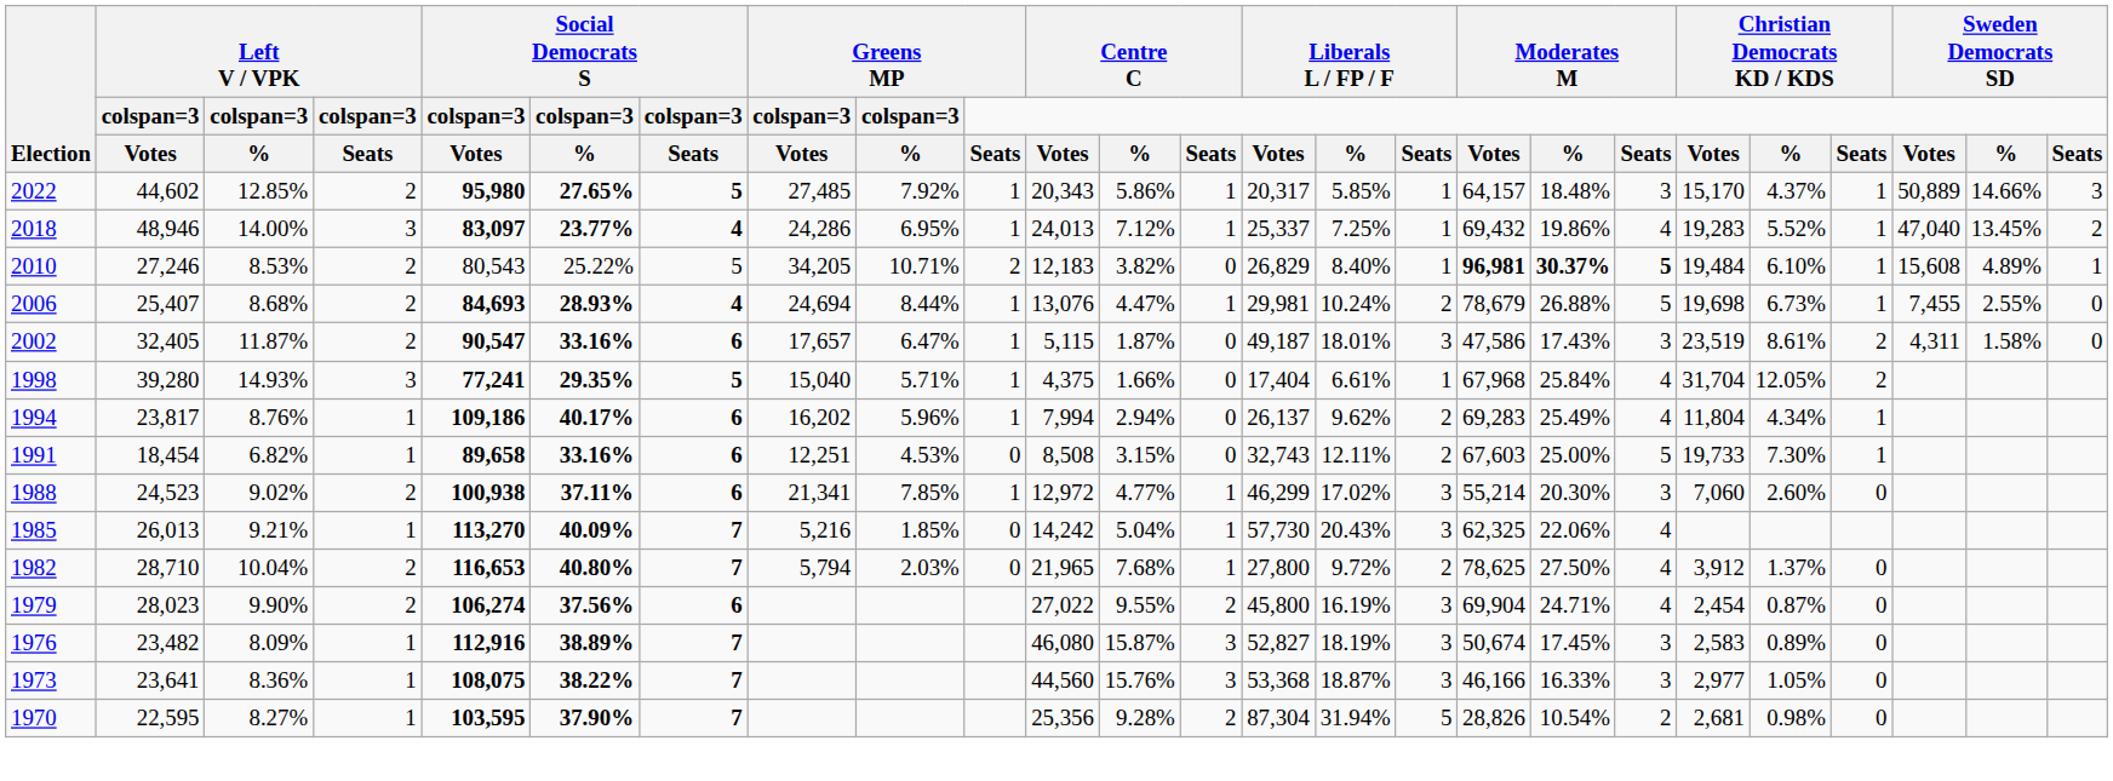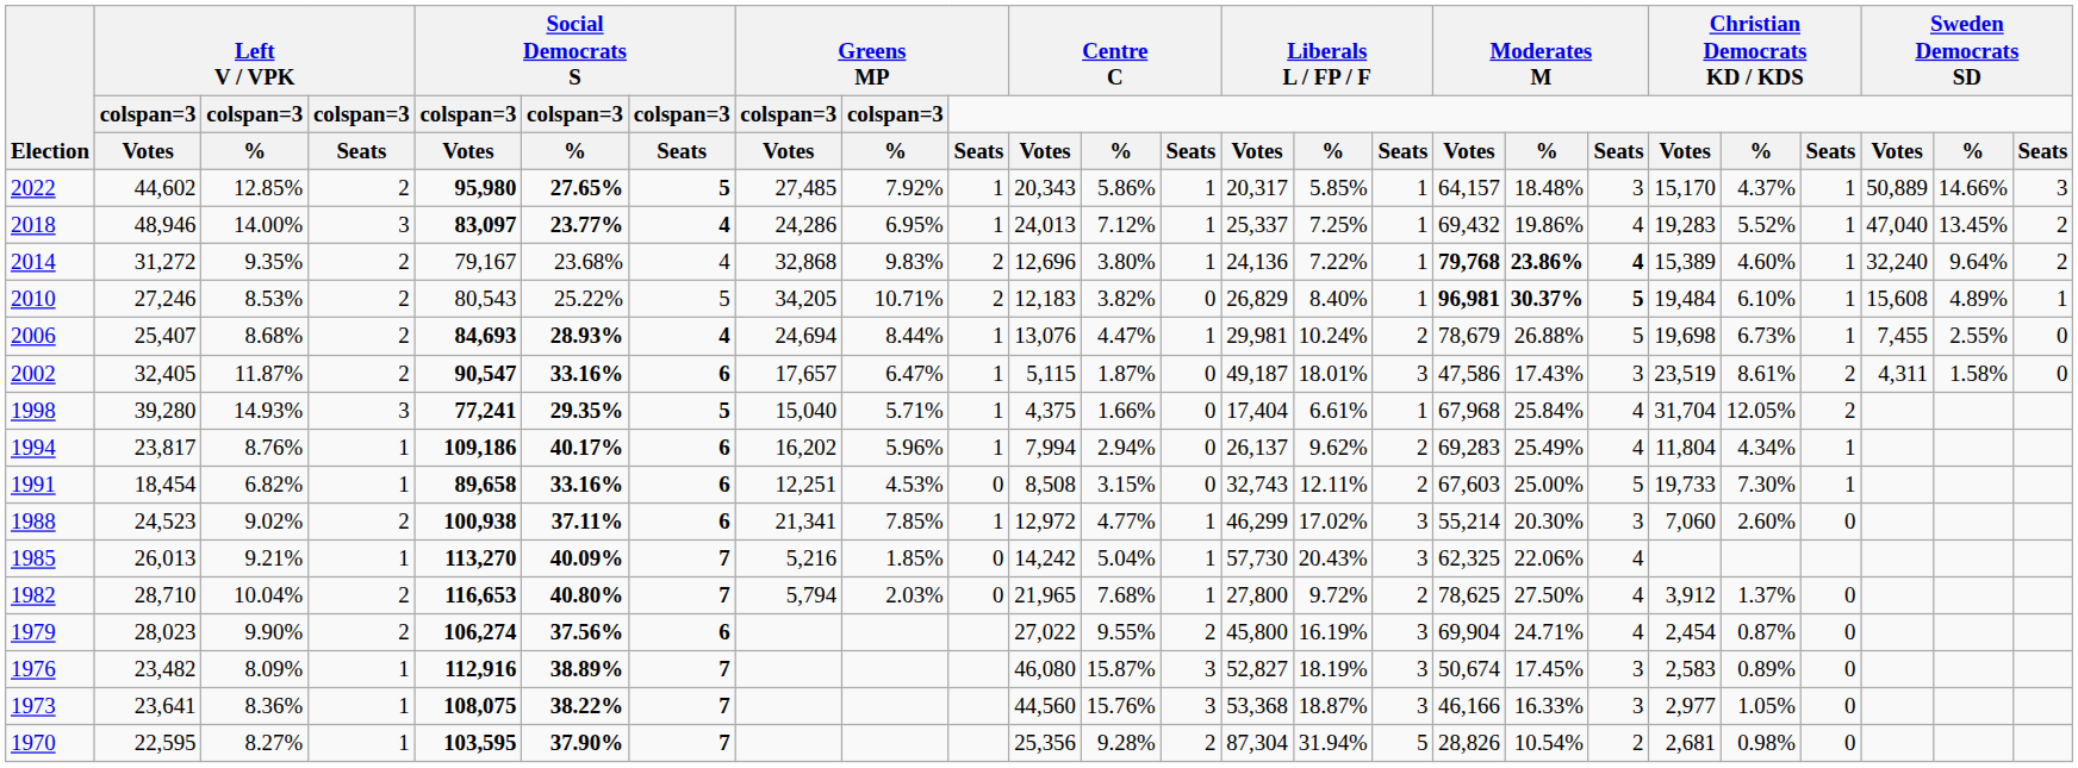 <table class="wikitable" border="1" style="font-size:95%; text-align:right;">
 <tr>
 <th style="text-align:left;" valign=bottom rowspan=3>Election</th>
 <th valign=bottom colspan=3><a href='#'>Left</a><br>V / VPK</th>
 <th valign=bottom colspan=3><a href='#'>Social<br>Democrats</a><br>S</th>
 <th valign=bottom colspan=3><a href='#'>Greens</a><br>MP</th>
 <th valign=bottom colspan=3><a href='#'>Centre</a><br>C</th>
 <th valign=bottom colspan=3><a href='#'>Liberals</a><br>L / FP / F</th>
 <th valign=bottom colspan=3><a href='#'>Moderates</a><br>M</th>
 <th valign=bottom colspan=3><a href='#'>Christian<br>Democrats</a><br>KD / KDS</th>
 <th valign=bottom colspan=3><a href='#'>Sweden<br>Democrats</a><br>SD</th>
 </tr>
 <tr>
 <th>colspan=3 </th>
 <th>colspan=3 </th>
 <th>colspan=3 </th>
 <th>colspan=3 </th>
 <th>colspan=3 </th>
 <th>colspan=3 </th>
 <th>colspan=3 </th>
 <th>colspan=3 </th>
 </tr>
 <tr>
 <th>Votes</th>
 <th>%</th>
 <th>Seats</th>
 <th>Votes</th>
 <th>%</th>
 <th>Seats</th>
 <th>Votes</th>
 <th>%</th>
 <th>Seats</th>
 <th>Votes</th>
 <th>%</th>
 <th>Seats</th>
 <th>Votes</th>
 <th>%</th>
 <th>Seats</th>
 <th>Votes</th>
 <th>%</th>
 <th>Seats</th>
 <th>Votes</th>
 <th>%</th>
 <th>Seats</th>
 <th>Votes</th>
 <th>%</th>
 <th>Seats</th>
 </tr>
 <tr>
 <td align=left><a href='#'>2022</a></td>
 <td>44,602</td>
 <td>12.85%</td>
 <td>2</td>
 <td><strong>95,980</strong></td>
 <td><strong>27.65%</strong></td>
 <td><strong>5</strong></td>
 <td>27,485</td>
 <td>7.92%</td>
 <td>1</td>
 <td>20,343</td>
 <td>5.86%</td>
 <td>1</td>
 <td>20,317</td>
 <td>5.85%</td>
 <td>1</td>
 <td>64,157</td>
 <td>18.48%</td>
 <td>3</td>
 <td>15,170</td>
 <td>4.37%</td>
 <td>1</td>
 <td>50,889</td>
 <td>14.66%</td>
 <td>3</td>
 </tr>
 <tr>
 <td align=left><a href='#'>2018</a></td>
 <td>48,946</td>
 <td>14.00%</td>
 <td>3</td>
 <td><strong>83,097</strong></td>
 <td><strong>23.77%</strong></td>
 <td><strong>4</strong></td>
 <td>24,286</td>
 <td>6.95%</td>
 <td>1</td>
 <td>24,013</td>
 <td>7.12%</td>
 <td>1</td>
 <td>25,337</td>
 <td>7.25%</td>
 <td>1</td>
 <td>69,432</td>
 <td>19.86%</td>
 <td>4</td>
 <td>19,283</td>
 <td>5.52%</td>
 <td>1</td>
 <td>47,040</td>
 <td>13.45%</td>
+<td>2</td>
+</tr>
+<tr>
+<td align=left><a href='#'>2014</a></td>
+<td>31,272</td>
+<td>9.35%</td>
+<td>2</td>
+<td>79,167</td>
+<td>23.68%</td>
+<td>4</td>
+<td>32,868</td>
+<td>9.83%</td>
+<td>2</td>
+<td>12,696</td>
+<td>3.80%</td>
+<td>1</td>
+<td>24,136</td>
+<td>7.22%</td>
+<td>1</td>
+<td><strong>79,768</strong></td>
+<td><strong>23.86%</strong></td>
+<td><strong>4</strong></td>
+<td>15,389</td>
+<td>4.60%</td>
+<td>1</td>
+<td>32,240</td>
+<td>9.64%</td>
 <td>2</td>
 </tr>
 <tr>
 <td align=left><a href='#'>2010</a></td>
 <td>27,246</td>
 <td>8.53%</td>
 <td>2</td>
 <td>80,543</td>
 <td>25.22%</td>
 <td>5</td>
 <td>34,205</td>
 <td>10.71%</td>
 <td>2</td>
 <td>12,183</td>
 <td>3.82%</td>
 <td>0</td>
 <td>26,829</td>
 <td>8.40%</td>
 <td>1</td>
 <td><strong>96,981</strong></td>
 <td><strong>30.37%</strong></td>
 <td><strong>5</strong></td>
 <td>19,484</td>
 <td>6.10%</td>
 <td>1</td>
 <td>15,608</td>
 <td>4.89%</td>
 <td>1</td>
 </tr>
 <tr>
 <td align=left><a href='#'>2006</a></td>
 <td>25,407</td>
 <td>8.68%</td>
 <td>2</td>
 <td><strong>84,693</strong></td>
 <td><strong>28.93%</strong></td>
 <td><strong>4</strong></td>
 <td>24,694</td>
 <td>8.44%</td>
 <td>1</td>
 <td>13,076</td>
 <td>4.47%</td>
 <td>1</td>
 <td>29,981</td>
 <td>10.24%</td>
 <td>2</td>
 <td>78,679</td>
 <td>26.88%</td>
 <td>5</td>
 <td>19,698</td>
 <td>6.73%</td>
 <td>1</td>
 <td>7,455</td>
 <td>2.55%</td>
 <td>0</td>
 </tr>
 <tr>
 <td align=left><a href='#'>2002</a></td>
 <td>32,405</td>
 <td>11.87%</td>
 <td>2</td>
 <td><strong>90,547</strong></td>
 <td><strong>33.16%</strong></td>
 <td><strong>6</strong></td>
 <td>17,657</td>
 <td>6.47%</td>
 <td>1</td>
 <td>5,115</td>
 <td>1.87%</td>
 <td>0</td>
 <td>49,187</td>
 <td>18.01%</td>
 <td>3</td>
 <td>47,586</td>
 <td>17.43%</td>
 <td>3</td>
 <td>23,519</td>
 <td>8.61%</td>
 <td>2</td>
 <td>4,311</td>
 <td>1.58%</td>
 <td>0</td>
 </tr>
 <tr>
 <td align=left><a href='#'>1998</a></td>
 <td>39,280</td>
 <td>14.93%</td>
 <td>3</td>
 <td><strong>77,241</strong></td>
 <td><strong>29.35%</strong></td>
 <td><strong>5</strong></td>
 <td>15,040</td>
 <td>5.71%</td>
 <td>1</td>
 <td>4,375</td>
 <td>1.66%</td>
 <td>0</td>
 <td>17,404</td>
 <td>6.61%</td>
 <td>1</td>
 <td>67,968</td>
 <td>25.84%</td>
 <td>4</td>
 <td>31,704</td>
 <td>12.05%</td>
 <td>2</td>
 <td></td>
 <td></td>
 <td></td>
 </tr>
 <tr>
 <td align=left><a href='#'>1994</a></td>
 <td>23,817</td>
 <td>8.76%</td>
 <td>1</td>
 <td><strong>109,186</strong></td>
 <td><strong>40.17%</strong></td>
 <td><strong>6</strong></td>
 <td>16,202</td>
 <td>5.96%</td>
 <td>1</td>
 <td>7,994</td>
 <td>2.94%</td>
 <td>0</td>
 <td>26,137</td>
 <td>9.62%</td>
 <td>2</td>
 <td>69,283</td>
 <td>25.49%</td>
 <td>4</td>
 <td>11,804</td>
 <td>4.34%</td>
 <td>1</td>
 <td></td>
 <td></td>
 <td></td>
 </tr>
 <tr>
 <td align=left><a href='#'>1991</a></td>
 <td>18,454</td>
 <td>6.82%</td>
 <td>1</td>
 <td><strong>89,658</strong></td>
 <td><strong>33.16%</strong></td>
 <td><strong>6</strong></td>
 <td>12,251</td>
 <td>4.53%</td>
 <td>0</td>
 <td>8,508</td>
 <td>3.15%</td>
 <td>0</td>
 <td>32,743</td>
 <td>12.11%</td>
 <td>2</td>
 <td>67,603</td>
 <td>25.00%</td>
 <td>5</td>
 <td>19,733</td>
 <td>7.30%</td>
 <td>1</td>
 <td></td>
 <td></td>
 <td></td>
 </tr>
 <tr>
 <td align=left><a href='#'>1988</a></td>
 <td>24,523</td>
 <td>9.02%</td>
 <td>2</td>
 <td><strong>100,938</strong></td>
 <td><strong>37.11%</strong></td>
 <td><strong>6</strong></td>
 <td>21,341</td>
 <td>7.85%</td>
 <td>1</td>
 <td>12,972</td>
 <td>4.77%</td>
 <td>1</td>
 <td>46,299</td>
 <td>17.02%</td>
 <td>3</td>
 <td>55,214</td>
 <td>20.30%</td>
 <td>3</td>
 <td>7,060</td>
 <td>2.60%</td>
 <td>0</td>
 <td></td>
 <td></td>
 <td></td>
 </tr>
 <tr>
 <td align=left><a href='#'>1985</a></td>
 <td>26,013</td>
 <td>9.21%</td>
 <td>1</td>
 <td><strong>113,270</strong></td>
 <td><strong>40.09%</strong></td>
 <td><strong>7</strong></td>
 <td>5,216</td>
 <td>1.85%</td>
 <td>0</td>
 <td>14,242</td>
 <td>5.04%</td>
 <td>1</td>
 <td>57,730</td>
 <td>20.43%</td>
 <td>3</td>
 <td>62,325</td>
 <td>22.06%</td>
 <td>4</td>
 <td></td>
 <td></td>
 <td></td>
 <td></td>
 <td></td>
 <td></td>
 </tr>
 <tr>
 <td align=left><a href='#'>1982</a></td>
 <td>28,710</td>
 <td>10.04%</td>
 <td>2</td>
 <td><strong>116,653</strong></td>
 <td><strong>40.80%</strong></td>
 <td><strong>7</strong></td>
 <td>5,794</td>
 <td>2.03%</td>
 <td>0</td>
 <td>21,965</td>
 <td>7.68%</td>
 <td>1</td>
 <td>27,800</td>
 <td>9.72%</td>
 <td>2</td>
 <td>78,625</td>
 <td>27.50%</td>
 <td>4</td>
 <td>3,912</td>
 <td>1.37%</td>
 <td>0</td>
 <td></td>
 <td></td>
 <td></td>
 </tr>
 <tr>
 <td align=left><a href='#'>1979</a></td>
 <td>28,023</td>
 <td>9.90%</td>
 <td>2</td>
 <td><strong>106,274</strong></td>
 <td><strong>37.56%</strong></td>
 <td><strong>6</strong></td>
 <td></td>
 <td></td>
 <td></td>
 <td>27,022</td>
 <td>9.55%</td>
 <td>2</td>
 <td>45,800</td>
 <td>16.19%</td>
 <td>3</td>
 <td>69,904</td>
 <td>24.71%</td>
 <td>4</td>
 <td>2,454</td>
 <td>0.87%</td>
 <td>0</td>
 <td></td>
 <td></td>
 <td></td>
 </tr>
 <tr>
 <td align=left><a href='#'>1976</a></td>
 <td>23,482</td>
 <td>8.09%</td>
 <td>1</td>
 <td><strong>112,916</strong></td>
 <td><strong>38.89%</strong></td>
 <td><strong>7</strong></td>
 <td></td>
 <td></td>
 <td></td>
 <td>46,080</td>
 <td>15.87%</td>
 <td>3</td>
 <td>52,827</td>
 <td>18.19%</td>
 <td>3</td>
 <td>50,674</td>
 <td>17.45%</td>
 <td>3</td>
 <td>2,583</td>
 <td>0.89%</td>
 <td>0</td>
 <td></td>
 <td></td>
 <td></td>
 </tr>
 <tr>
 <td align=left><a href='#'>1973</a></td>
 <td>23,641</td>
 <td>8.36%</td>
 <td>1</td>
 <td><strong>108,075</strong></td>
 <td><strong>38.22%</strong></td>
 <td><strong>7</strong></td>
 <td></td>
 <td></td>
 <td></td>
 <td>44,560</td>
 <td>15.76%</td>
 <td>3</td>
 <td>53,368</td>
 <td>18.87%</td>
 <td>3</td>
 <td>46,166</td>
 <td>16.33%</td>
 <td>3</td>
 <td>2,977</td>
 <td>1.05%</td>
 <td>0</td>
 <td></td>
 <td></td>
 <td></td>
 </tr>
 <tr>
 <td align=left><a href='#'>1970</a></td>
 <td>22,595</td>
 <td>8.27%</td>
 <td>1</td>
 <td><strong>103,595</strong></td>
 <td><strong>37.90%</strong></td>
 <td><strong>7</strong></td>
 <td></td>
 <td></td>
 <td></td>
 <td>25,356</td>
 <td>9.28%</td>
 <td>2</td>
 <td>87,304</td>
 <td>31.94%</td>
 <td>5</td>
 <td>28,826</td>
 <td>10.54%</td>
 <td>2</td>
 <td>2,681</td>
 <td>0.98%</td>
 <td>0</td>
 <td></td>
 <td></td>
 <td></td>
 </tr>
 </table>
